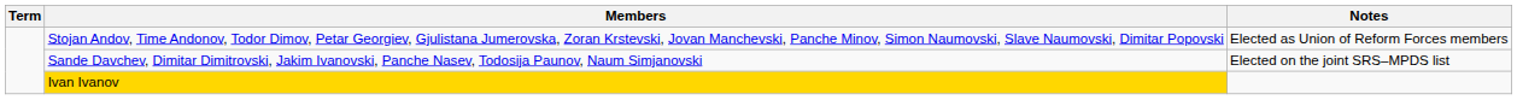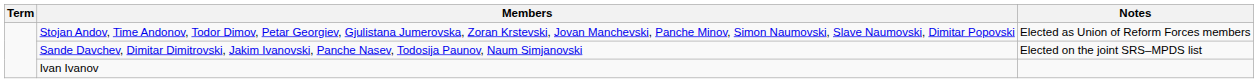 <table class=wikitable>
 <tr>
 <th>Term</th>
 <th>Members</th>
 <th>Notes</th>
 </tr>
 <tr>
 <td rowspan=3></td>
 <td><a href='#'>Stojan Andov</a>, <a href='#'>Time Andonov</a>, <a href='#'>Todor Dimov</a>, <a href='#'>Petar Georgiev</a>, <a href='#'>Gjulistana Jumerovska</a>, <a href='#'>Zoran Krstevski</a>, <a href='#'>Jovan Manchevski</a>, <a href='#'>Panche Minov</a>, <a href='#'>Simon Naumovski</a>, <a href='#'>Slave Naumovski</a>, <a href='#'>Dimitar Popovski</a></td>
 <td>Elected as Union of Reform Forces members</td>
 </tr>
 <tr>
 <td><a href='#'>Sande Davchev</a>, <a href='#'>Dimitar Dimitrovski</a>, <a href='#'>Jakim Ivanovski</a>, <a href='#'>Panche Nasev</a>, <a href='#'>Todosija Paunov</a>, <a href='#'>Naum Simjanovski</a></td>
 <td>Elected on the joint SRS–MPDS list</td>
 </tr>
 <tr>
-<td style="background: gold;">Ivan Ivanov</td>
+<td>Ivan Ivanov</td>
 <td></td>
 </tr>
 </table>
